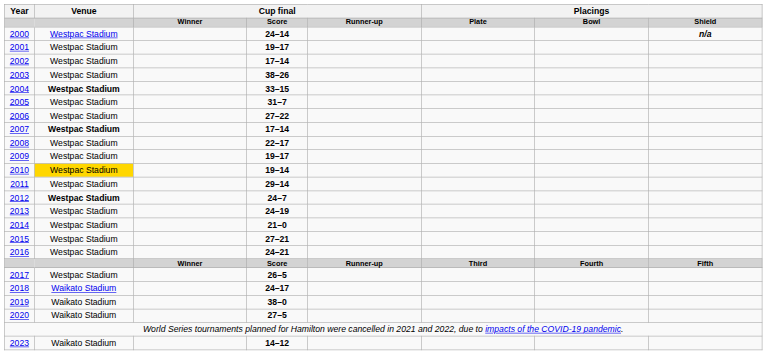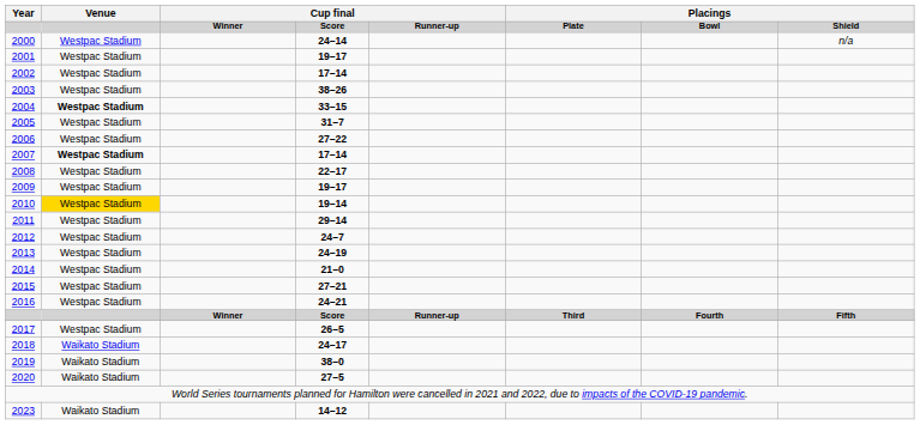 <table class="wikitable" style="font-size:90%; width: 100%; text-align: center;">
 <tr>
 <th>Year</th>
 <th>Venue</th>
 <th colspan=3>Cup final</th>
 <th colspan=3>Placings</th>
 </tr>
 <tr bgcolor=lightgrey style="line-height:9px; font-size:85%; padding:0px;">
 <td style="border-right:0px;"></td>
 <td style="border-left:0px;"></td>
 <td width=15% style="font-weight:bold;">Winner</td>
 <td width=8%  style="font-weight:bold;">Score</td>
 <td width=15% style="font-weight:bold;">Runner-up</td>
 <td width=15% style="font-weight:bold;">Plate</td>
 <td width=15% style="font-weight:bold;">Bowl</td>
 <td width=15% style="font-weight:bold;">Shield</td>
 </tr>
 <tr>
 <td><a href='#'>2000</a></td>
 <td><a href='#'>Westpac Stadium</a></td>
 <td></td>
 <td><strong>24–14</strong></td>
 <td></td>
 <td></td>
 <td></td>
-<td><strong><em>n/a</em></strong></td>
+<td><em>n/a</em></td>
 </tr>
 <tr>
 <td><a href='#'>2001</a></td>
 <td>Westpac Stadium</td>
 <td></td>
 <td><strong>19–17</strong></td>
 <td></td>
 <td></td>
 <td></td>
 <td></td>
 </tr>
 <tr>
 <td><a href='#'>2002</a></td>
 <td>Westpac Stadium</td>
 <td></td>
 <td><strong>17–14</strong></td>
 <td></td>
 <td></td>
 <td></td>
 <td></td>
 </tr>
 <tr>
 <td><a href='#'>2003</a></td>
 <td>Westpac Stadium</td>
 <td></td>
 <td><strong>38–26</strong></td>
 <td></td>
 <td></td>
 <td></td>
 <td></td>
 </tr>
 <tr>
 <td><a href='#'>2004</a></td>
 <td><strong>Westpac Stadium</strong></td>
 <td></td>
 <td><strong>33–15</strong></td>
 <td></td>
 <td></td>
 <td></td>
 <td></td>
 </tr>
 <tr>
 <td><a href='#'>2005</a></td>
 <td>Westpac Stadium</td>
 <td></td>
 <td><strong>31–7</strong></td>
 <td></td>
 <td></td>
 <td></td>
 <td></td>
 </tr>
 <tr>
 <td><a href='#'>2006</a></td>
 <td>Westpac Stadium</td>
 <td></td>
 <td><strong>27–22</strong></td>
 <td></td>
 <td></td>
 <td></td>
 <td></td>
 </tr>
 <tr>
 <td><a href='#'>2007</a></td>
 <td><strong>Westpac Stadium</strong></td>
 <td></td>
 <td><strong>17–14</strong></td>
 <td></td>
 <td></td>
 <td></td>
 <td></td>
 </tr>
 <tr>
 <td><a href='#'>2008</a></td>
 <td>Westpac Stadium</td>
 <td></td>
 <td><strong>22–17</strong></td>
 <td></td>
 <td></td>
 <td></td>
 <td></td>
 </tr>
 <tr>
 <td><a href='#'>2009</a></td>
 <td>Westpac Stadium</td>
 <td></td>
 <td><strong>19–17</strong></td>
 <td></td>
 <td></td>
 <td></td>
 <td></td>
 </tr>
 <tr>
 <td><a href='#'>2010</a></td>
 <td style="background: gold;">Westpac Stadium</td>
 <td></td>
 <td><strong>19–14</strong></td>
 <td></td>
 <td></td>
 <td></td>
 <td></td>
 </tr>
 <tr>
 <td><a href='#'>2011</a></td>
 <td>Westpac Stadium</td>
 <td></td>
 <td><strong>29–14</strong></td>
 <td></td>
 <td></td>
 <td></td>
 <td></td>
 </tr>
 <tr>
 <td><a href='#'>2012</a></td>
-<td><strong>Westpac Stadium</strong></td>
+<td>Westpac Stadium</td>
 <td></td>
 <td><strong>24–7</strong></td>
 <td></td>
 <td></td>
 <td></td>
 <td></td>
 </tr>
 <tr>
 <td><a href='#'>2013</a></td>
 <td>Westpac Stadium</td>
 <td></td>
 <td><strong>24–19</strong></td>
 <td></td>
 <td></td>
 <td></td>
 <td></td>
 </tr>
 <tr>
 <td><a href='#'>2014</a></td>
 <td>Westpac Stadium</td>
 <td></td>
 <td><strong>21–0</strong></td>
 <td></td>
 <td></td>
 <td></td>
 <td></td>
 </tr>
 <tr>
 <td><a href='#'>2015</a></td>
 <td>Westpac Stadium</td>
 <td></td>
 <td><strong>27–21</strong></td>
 <td></td>
 <td></td>
 <td></td>
 <td></td>
 </tr>
 <tr>
 <td><a href='#'>2016</a></td>
 <td>Westpac Stadium</td>
 <td></td>
 <td><strong>24–21</strong></td>
 <td></td>
 <td></td>
 <td></td>
 <td></td>
 </tr>
 <tr bgcolor=lightgrey style="line-height:9px; font-size:85%; padding:0px;">
 <td style="border-right:0px;"></td>
 <td style="border-left:0px;"></td>
 <td width=15% style="font-weight:bold;">Winner</td>
 <td width=8%  style="font-weight:bold;">Score</td>
 <td width=15% style="font-weight:bold;">Runner-up</td>
 <td width=15% style="font-weight:bold;">Third</td>
 <td width=15% style="font-weight:bold;">Fourth</td>
 <td width=15% style="font-weight:bold;">Fifth</td>
 </tr>
 <tr>
 <td><a href='#'>2017</a></td>
 <td>Westpac Stadium</td>
 <td></td>
 <td><strong>26–5</strong></td>
 <td></td>
 <td></td>
 <td></td>
 <td></td>
 </tr>
 <tr>
 <td><a href='#'>2018</a></td>
 <td><a href='#'>Waikato Stadium</a></td>
 <td></td>
 <td><strong>24–17</strong></td>
 <td></td>
 <td></td>
 <td></td>
 <td></td>
 </tr>
 <tr>
 <td><a href='#'>2019</a></td>
 <td>Waikato Stadium</td>
 <td></td>
 <td><strong>38–0</strong></td>
 <td></td>
 <td></td>
 <td></td>
 <td></td>
 </tr>
 <tr>
 <td><a href='#'>2020</a></td>
 <td>Waikato Stadium</td>
 <td></td>
 <td><strong>27–5</strong></td>
 <td></td>
 <td></td>
 <td></td>
 <td></td>
 </tr>
 <tr>
 <td colspan=100%><em>World Series tournaments planned for Hamilton were cancelled in 2021 and 2022, due to <a href='#'>impacts of the COVID-19 pandemic</a>.</em></td>
 </tr>
 <tr>
 <td><a href='#'>2023</a></td>
 <td>Waikato Stadium</td>
 <td></td>
 <td><strong>14–12</strong></td>
 <td></td>
 <td></td>
 <td></td>
 <td></td>
 </tr>
 </table>
